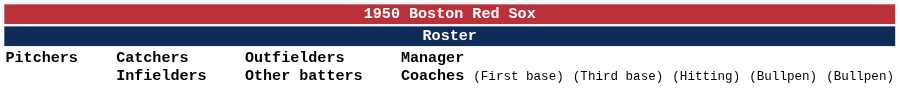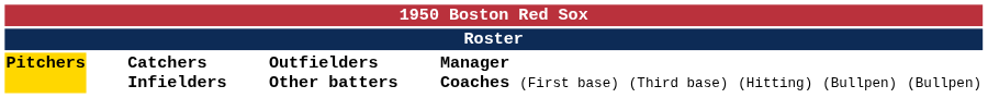 <table class="toccolours" style="text-align: left;">
 <tr>
 <th colspan="10" style="background-color: #ba313c; color: white; text-align: center;">1950 Boston Red Sox</th>
 </tr>
 <tr>
 <td colspan="10" style="background-color:#0d2b56; color: white; text-align: center;"><strong>Roster</strong></td>
 </tr>
 <tr>
-<td valign="top"><strong>Pitchers</strong><br>                   </td>
+<td valign="top" style="background: gold;"><strong>Pitchers</strong><br>                   </td>
 <td width="25px"></td>
 <td valign="top"><strong>Catchers</strong><br>    <strong>Infielders</strong>       </td>
 <td width="25px"></td>
 <td valign="top"><strong>Outfielders</strong><br>         <strong>Other batters</strong> </td>
 <td width="25px"></td>
 <td valign="top"><strong>Manager</strong><br>  <strong>Coaches</strong>  <small>(First base)</small>  <small>(Third base)</small>  <small>(Hitting)</small>  <small>(Bullpen)</small>  <small>(Bullpen)</small></td>
 </tr>
 <tr>
 </tr>
 </table>
